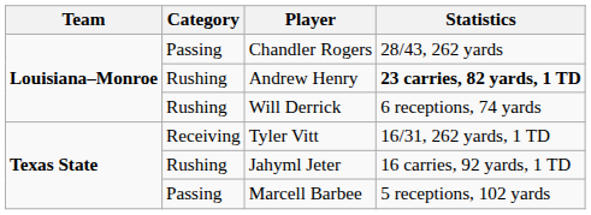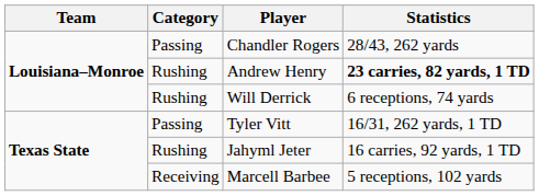 <table class="wikitable" style="float: left;">
 <tr>
 <th>Team</th>
 <th>Category</th>
 <th>Player</th>
 <th>Statistics</th>
 </tr>
 <tr>
 <td rowspan=3><strong>Louisiana–Monroe</strong></td>
 <td>Passing</td>
 <td>Chandler Rogers</td>
 <td>28/43, 262 yards</td>
 </tr>
 <tr>
 <td>Rushing</td>
 <td>Andrew Henry</td>
 <td><strong>23 carries, 82 yards, 1 TD</strong></td>
 </tr>
 <tr>
 <td>Rushing</td>
 <td>Will Derrick</td>
 <td>6 receptions, 74 yards</td>
 </tr>
 <tr>
 <td rowspan=3><strong>Texas State</strong></td>
-<td>Receiving</td>
+<td>Passing</td>
 <td>Tyler Vitt</td>
 <td>16/31, 262 yards, 1 TD</td>
 </tr>
 <tr>
 <td>Rushing</td>
 <td>Jahyml Jeter</td>
 <td>16 carries, 92 yards, 1 TD</td>
 </tr>
 <tr>
-<td>Passing</td>
+<td>Receiving</td>
 <td>Marcell Barbee</td>
 <td>5 receptions, 102 yards</td>
 </tr>
 </table>
